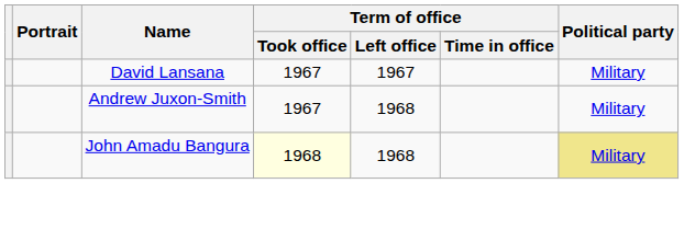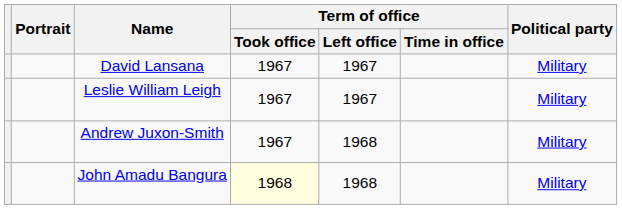 <table class="wikitable" style="text-align:center">
 <tr>
 <th rowspan="2"></th>
 <th rowspan="2">Portrait</th>
 <th rowspan="2">Name<br></th>
 <th colspan="3">Term of office</th>
 <th rowspan="2">Political party</th>
 </tr>
 <tr>
 <th>Took office</th>
 <th>Left office</th>
 <th>Time in office</th>
 </tr>
 <tr>
 <th style="background:"></th>
 <td></td>
 <td><a href='#'> David Lansana</a><br></td>
 <td> 1967</td>
 <td> 1967</td>
 <td></td>
 <td><a href='#'>Military</a></td>
 </tr>
 <tr>
 <th style="background:"></th>
 <td></td>
+<td><a href='#'> Leslie William Leigh</a><br><br></td>
+<td> 1967</td>
+<td> 1967</td>
+<td></td>
+<td><a href='#'>Military</a></td>
+</tr>
+<tr>
+<th style="background:"></th>
+<td></td>
 <td><a href='#'> Andrew Juxon-Smith</a><br><br></td>
 <td> 1967</td>
 <td> 1968<br></td>
 <td></td>
 <td><a href='#'>Military</a></td>
 </tr>
 <tr>
 <th style="background:"></th>
 <td></td>
 <td><a href='#'> John Amadu Bangura</a><br><br></td>
 <td style="background: lightyellow;"> 1968</td>
 <td> 1968</td>
 <td></td>
-<td style="background: khaki;"><a href='#'>Military</a></td>
+<td><a href='#'>Military</a></td>
 </tr>
 </table>
